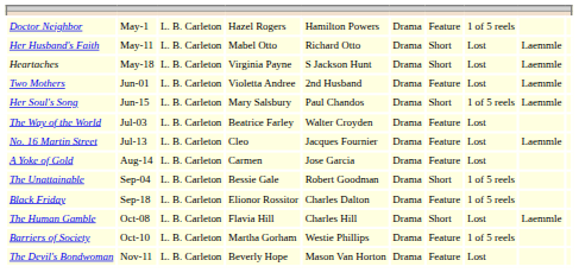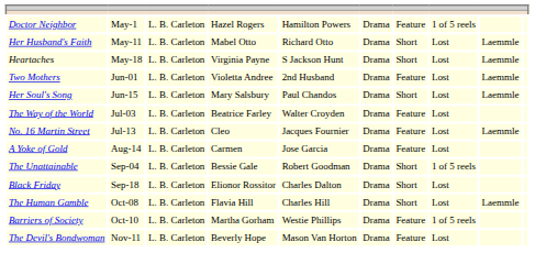 <table class="wikitable mw-collapsible mw-collapsed" style="background:lightyellow; border:2px solid gray;font-size:80%; ">
 <tr>
 <th colspan="18" style="border:1px solid #808080;background: lightgrey;"></th>
 </tr>
 <tr>
 <th style="border: 0px solid #FFFAF5; background:#F2E0CE"></th>
 <th style="border:0px solid #FFFAF5; background:#F2E0CE"></th>
 <th style="border:0px solid #FFFAF5; background:#F2E0CE"></th>
 <th style="border:0px solid #FFFAF5; background:#F2E0CE"></th>
 <th style="border:0px solid #FFFAF5; background:#F2E0CE"></th>
 <th style="border:0px solid #FFFAF5; background:#F2E0CE"></th>
 <th style="border:0px solid #FFFAF5; background:#F2E0CE"></th>
 <th style="border:0px solid #FFFAF5; background:#F2E0CE"></th>
 <th style="border:0px solid #FFFAF5; background:#F2E0CE"></th>
 <th style="border:0px solid #FFFAF5; background:#F2E0CE"></th>
 </tr>
 <tr>
 <td style="border:3px solid #FFFFFF"><em><a href='#'>Doctor Neighbor</a></em></td>
 <td style="border:3px solid #FFFFFF">May-1</td>
 <td style="border:3px solid #FFFFFF">L. B. Carleton</td>
 <td style="border:3px solid #FFFFFF">Hazel Rogers</td>
 <td style="border:3px solid #FFFFFF">Hamilton Powers</td>
 <td style="border:3px solid #FFFFFF">Drama</td>
 <td style="border:3px solid #FFFFFF">Feature</td>
 <td style="border:3px solid #FFFFFF">1 of 5 reels</td>
 <td style="border:3px solid #FFFFFF"></td>
 <td style="border:3px solid #FFFFFF"></td>
 </tr>
 <tr>
 <td style="border:3px solid #FFFFFF"><em><a href='#'>Her Husband's Faith</a></em></td>
 <td style="border:3px solid #FFFFFF">May-11</td>
 <td style="border:3px solid #FFFFFF">L. B. Carleton</td>
 <td style="border:3px solid #FFFFFF">Mabel Otto</td>
 <td style="border:3px solid #FFFFFF">Richard Otto</td>
 <td style="border:3px solid #FFFFFF">Drama</td>
 <td style="border:3px solid #FFFFFF">Short</td>
 <td style="border:3px solid #FFFFFF">Lost</td>
 <td style="border:3px solid #FFFFFF">Laemmle</td>
 <td style="border:3px solid #FFFFFF"></td>
 </tr>
 <tr>
 <td style="border:3px solid #FFFFFF"><em>Heartaches </em></td>
 <td style="border:3px solid #FFFFFF">May-18</td>
 <td style="border:3px solid #FFFFFF">L. B. Carleton</td>
 <td style="border:3px solid #FFFFFF">Virginia Payne</td>
 <td style="border:3px solid #FFFFFF">S Jackson Hunt</td>
 <td style="border:3px solid #FFFFFF">Drama</td>
 <td style="border:3px solid #FFFFFF">Short</td>
 <td style="border:3px solid #FFFFFF">Lost</td>
 <td style="border:3px solid #FFFFFF">Laemmle</td>
 <td style="border:3px solid #FFFFFF"></td>
 </tr>
 <tr>
 <td style="border:3px solid #FFFFFF"><em><a href='#'>Two Mothers</a></em></td>
 <td style="border:3px solid #FFFFFF">Jun-01</td>
 <td style="border:3px solid #FFFFFF">L. B. Carleton</td>
 <td style="border:3px solid #FFFFFF">Violetta Andree</td>
 <td style="border:3px solid #FFFFFF">2nd Husband</td>
 <td style="border:3px solid #FFFFFF">Drama</td>
 <td style="border:3px solid #FFFFFF">Feature</td>
 <td style="border:3px solid #FFFFFF">Lost</td>
 <td style="border:3px solid #FFFFFF">Laemmle</td>
 <td style="border:3px solid #FFFFFF"></td>
 </tr>
 <tr>
 <td style="border:3px solid #FFFFFF"><em><a href='#'>Her Soul's Song</a></em></td>
 <td style="border:3px solid #FFFFFF">Jun-15</td>
 <td style="border:3px solid #FFFFFF">L. B. Carleton</td>
 <td style="border:3px solid #FFFFFF">Mary Salsbury</td>
 <td style="border:3px solid #FFFFFF">Paul Chandos</td>
 <td style="border:3px solid #FFFFFF">Drama</td>
 <td style="border:3px solid #FFFFFF">Short</td>
-<td style="border:3px solid #FFFFFF">1 of 5 reels</td>
+<td style="border:3px solid #FFFFFF">Lost</td>
 <td style="border:3px solid #FFFFFF">Laemmle</td>
 <td style="border:3px solid #FFFFFF"></td>
 </tr>
 <tr>
 <td style="border:3px solid #FFFFFF"><em><a href='#'>The Way of the World</a></em></td>
 <td style="border:3px solid #FFFFFF">Jul-03</td>
 <td style="border:3px solid #FFFFFF">L. B. Carleton</td>
 <td style="border:3px solid #FFFFFF">Beatrice Farley</td>
 <td style="border:3px solid #FFFFFF">Walter Croyden</td>
 <td style="border:3px solid #FFFFFF">Drama</td>
 <td style="border:3px solid #FFFFFF">Feature</td>
 <td style="border:3px solid #FFFFFF">Lost</td>
 <td style="border:3px solid #FFFFFF"></td>
 <td style="border:3px solid #FFFFFF"></td>
 </tr>
 <tr>
 <td style="border:3px solid #FFFFFF"><em><a href='#'>No. 16 Martin Street</a></em></td>
 <td style="border:3px solid #FFFFFF">Jul-13</td>
 <td style="border:3px solid #FFFFFF">L. B. Carleton</td>
 <td style="border:3px solid #FFFFFF">Cleo</td>
 <td style="border:3px solid #FFFFFF">Jacques Fournier</td>
 <td style="border:3px solid #FFFFFF">Drama</td>
 <td style="border:3px solid #FFFFFF">Feature</td>
 <td style="border:3px solid #FFFFFF">Lost</td>
 <td style="border:3px solid #FFFFFF">Laemmle</td>
 <td style="border:3px solid #FFFFFF"></td>
 </tr>
 <tr>
 <td style="border:3px solid #FFFFFF"><em><a href='#'>A Yoke of Gold</a></em></td>
 <td style="border:3px solid #FFFFFF">Aug-14</td>
 <td style="border:3px solid #FFFFFF">L. B. Carleton</td>
 <td style="border:3px solid #FFFFFF">Carmen</td>
 <td style="border:3px solid #FFFFFF">Jose Garcia</td>
 <td style="border:3px solid #FFFFFF">Drama</td>
 <td style="border:3px solid #FFFFFF">Feature</td>
 <td style="border:3px solid #FFFFFF">Lost</td>
 <td style="border:3px solid #FFFFFF"></td>
 <td style="border:3px solid #FFFFFF"></td>
 </tr>
 <tr>
 <td style="border:3px solid #FFFFFF"><em><a href='#'>The Unattainable</a></em></td>
 <td style="border:3px solid #FFFFFF">Sep-04</td>
 <td style="border:3px solid #FFFFFF">L. B. Carleton</td>
 <td style="border:3px solid #FFFFFF">Bessie Gale</td>
 <td style="border:3px solid #FFFFFF">Robert Goodman</td>
 <td style="border:3px solid #FFFFFF">Drama</td>
 <td style="border:3px solid #FFFFFF">Short</td>
 <td style="border:3px solid #FFFFFF">1 of 5 reels</td>
 <td style="border:3px solid #FFFFFF"></td>
 <td style="border:3px solid #FFFFFF"></td>
 </tr>
 <tr>
 <td style="border:3px solid #FFFFFF"><em><a href='#'>Black Friday</a></em></td>
 <td style="border:3px solid #FFFFFF">Sep-18</td>
 <td style="border:3px solid #FFFFFF">L. B. Carleton</td>
 <td style="border:3px solid #FFFFFF">Elionor Rossitor</td>
 <td style="border:3px solid #FFFFFF">Charles Dalton</td>
 <td style="border:3px solid #FFFFFF">Drama</td>
-<td style="border:3px solid #FFFFFF">Feature</td>
-<td style="border:3px solid #FFFFFF">1 of 5 reels</td>
+<td style="border:3px solid #FFFFFF">Short</td>
+<td style="border:3px solid #FFFFFF">Lost</td>
 <td style="border:3px solid #FFFFFF"></td>
 <td style="border:3px solid #FFFFFF"></td>
 </tr>
 <tr>
 <td style="border:3px solid #FFFFFF"><em><a href='#'>The Human Gamble</a></em></td>
 <td style="border:3px solid #FFFFFF">Oct-08</td>
 <td style="border:3px solid #FFFFFF">L. B. Carleton</td>
 <td style="border:3px solid #FFFFFF">Flavia Hill</td>
 <td style="border:3px solid #FFFFFF">Charles Hill</td>
 <td style="border:3px solid #FFFFFF">Drama</td>
 <td style="border:3px solid #FFFFFF">Short</td>
 <td style="border:3px solid #FFFFFF">Lost</td>
 <td style="border:3px solid #FFFFFF">Laemmle</td>
 <td style="border:3px solid #FFFFFF"></td>
 </tr>
 <tr>
 <td style="border:3px solid #FFFFFF"><em><a href='#'>Barriers of Society</a></em></td>
 <td style="border:3px solid #FFFFFF">Oct-10</td>
 <td style="border:3px solid #FFFFFF">L. B. Carleton</td>
 <td style="border:3px solid #FFFFFF">Martha Gorham</td>
 <td style="border:3px solid #FFFFFF">Westie Phillips</td>
 <td style="border:3px solid #FFFFFF">Drama</td>
 <td style="border:3px solid #FFFFFF">Feature</td>
 <td style="border:3px solid #FFFFFF">1 of 5 reels</td>
 <td style="border:3px solid #FFFFFF"></td>
 <td style="border:3px solid #FFFFFF"></td>
 </tr>
 <tr>
 <td style="border:3px solid #FFFFFF"><em><a href='#'>The Devil's Bondwoman</a></em></td>
 <td style="border:3px solid #FFFFFF">Nov-11</td>
 <td style="border:3px solid #FFFFFF">L. B. Carleton</td>
 <td style="border:3px solid #FFFFFF">Beverly Hope</td>
 <td style="border:3px solid #FFFFFF">Mason Van Horton</td>
 <td style="border:3px solid #FFFFFF">Drama</td>
 <td style="border:3px solid #FFFFFF">Feature</td>
 <td style="border:3px solid #FFFFFF">Lost</td>
 <td style="border:3px solid #FFFFFF"></td>
 <td style="border:3px solid #FFFFFF"></td>
 </tr>
 </table>
